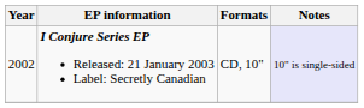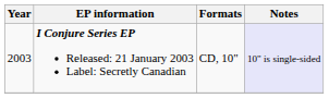 <table class="wikitable">
 <tr>
 <th>Year</th>
 <th>EP information</th>
 <th>Formats</th>
 <th>Notes</th>
 </tr>
 <tr>
-<td>2002</td>
+<td>2003</td>
 <td><strong><em>I Conjure Series EP</em></strong><br><ul><li>Released: 21 January 2003</li><li>Label: Secretly Canadian</li></ul></td>
 <td>CD, 10"</td>
 <td style="background: lavender;"><small>10" is single-sided</small></td>
 </tr>
 <tr>
 </tr>
 </table>
